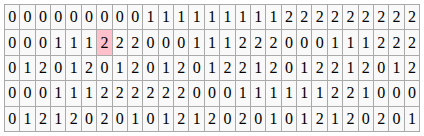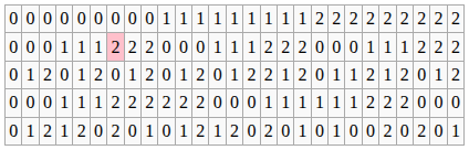 <table class="wikitable" style="margin:1em auto;">
 <tr>
 <td>0</td>
 <td>0</td>
 <td>0</td>
 <td>0</td>
 <td>0</td>
 <td>0</td>
 <td>0</td>
 <td>0</td>
 <td>0</td>
 <td>1</td>
 <td>1</td>
 <td>1</td>
 <td>1</td>
 <td>1</td>
 <td>1</td>
 <td>1</td>
 <td>1</td>
 <td>1</td>
 <td>2</td>
 <td>2</td>
 <td>2</td>
 <td>2</td>
 <td>2</td>
 <td>2</td>
 <td>2</td>
 <td>2</td>
 <td>2</td>
 </tr>
 <tr>
 <td>0</td>
 <td>0</td>
 <td>0</td>
 <td>1</td>
 <td>1</td>
 <td>1</td>
 <td style="background: pink;">2</td>
 <td>2</td>
 <td>2</td>
 <td>0</td>
 <td>0</td>
 <td>0</td>
 <td>1</td>
 <td>1</td>
 <td>1</td>
 <td>2</td>
 <td>2</td>
 <td>2</td>
 <td>0</td>
 <td>0</td>
 <td>0</td>
 <td>1</td>
 <td>1</td>
 <td>1</td>
 <td>2</td>
 <td>2</td>
 <td>2</td>
 </tr>
 <tr>
 <td>0</td>
 <td>1</td>
 <td>2</td>
 <td>0</td>
 <td>1</td>
 <td>2</td>
 <td>0</td>
 <td>1</td>
 <td>2</td>
 <td>0</td>
 <td>1</td>
 <td>2</td>
 <td>0</td>
 <td>1</td>
 <td>2</td>
 <td>2</td>
 <td>1</td>
 <td>2</td>
 <td>0</td>
 <td>1</td>
-<td>2</td>
+<td>1</td>
 <td>2</td>
 <td>1</td>
 <td>2</td>
 <td>0</td>
 <td>1</td>
 <td>2</td>
 </tr>
 <tr>
 <td>0</td>
 <td>0</td>
 <td>0</td>
 <td>1</td>
 <td>1</td>
 <td>1</td>
 <td>2</td>
 <td>2</td>
 <td>2</td>
 <td>2</td>
 <td>2</td>
 <td>2</td>
 <td>0</td>
 <td>0</td>
 <td>0</td>
 <td>1</td>
 <td>1</td>
 <td>1</td>
 <td>1</td>
 <td>1</td>
 <td>1</td>
 <td>2</td>
 <td>2</td>
-<td>1</td>
+<td>2</td>
 <td>0</td>
 <td>0</td>
 <td>0</td>
 </tr>
 <tr>
 <td>0</td>
 <td>1</td>
 <td>2</td>
 <td>1</td>
 <td>2</td>
 <td>0</td>
 <td>2</td>
 <td>0</td>
 <td>1</td>
 <td>0</td>
 <td>1</td>
 <td>2</td>
 <td>1</td>
 <td>2</td>
 <td>0</td>
 <td>2</td>
 <td>0</td>
 <td>1</td>
 <td>0</td>
 <td>1</td>
-<td>2</td>
-<td>1</td>
+<td>0</td>
+<td>0</td>
 <td>2</td>
 <td>0</td>
 <td>2</td>
 <td>0</td>
 <td>1</td>
 </tr>
 </table>
